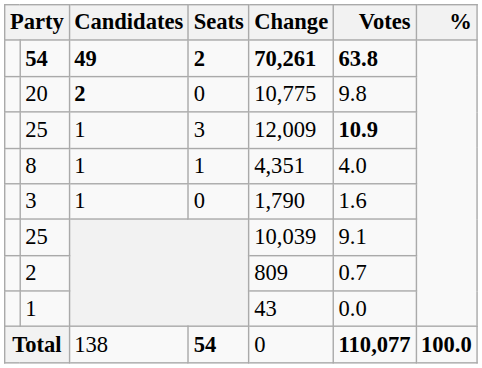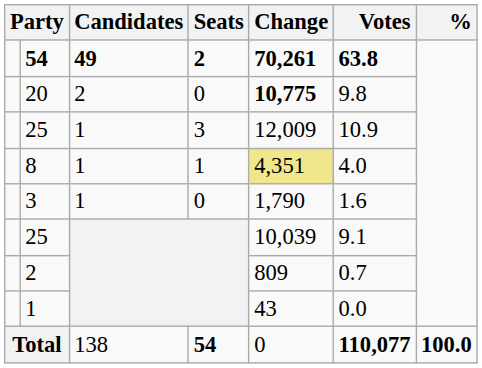 <table class="wikitable">
 <tr>
 <th colspan="2">Party</th>
 <th style="text-align:right;">Candidates</th>
 <th style="text-align:right;">Seats</th>
 <th style="text-align:right;">Change</th>
 <th style="text-align:right;">Votes</th>
 <th style="text-align:right;">%</th>
 </tr>
 <tr>
 <td></td>
 <td><strong>54</strong></td>
 <td><strong>49</strong></td>
 <td><strong>2</strong></td>
 <td><strong>70,261</strong></td>
 <td><strong>63.8</strong></td>
 </tr>
 <tr>
 <td></td>
 <td>20</td>
-<td><strong>2</strong></td>
+<td>2</td>
 <td>0</td>
-<td>10,775</td>
+<td><strong>10,775</strong></td>
 <td>9.8</td>
 </tr>
 <tr>
 <td></td>
 <td>25</td>
 <td>1</td>
 <td>3</td>
 <td>12,009</td>
-<td><strong>10.9</strong></td>
+<td>10.9</td>
 </tr>
 <tr>
 <td></td>
 <td>8</td>
 <td>1</td>
 <td>1</td>
-<td>4,351</td>
+<td style="background: khaki;">4,351</td>
 <td>4.0</td>
 </tr>
 <tr>
 <td></td>
 <td>3</td>
 <td>1</td>
 <td>0</td>
 <td>1,790</td>
 <td>1.6</td>
 </tr>
 <tr>
 <td></td>
 <td>25</td>
 <th rowspan = "3" colspan = "2"></th>
 <td>10,039</td>
 <td>9.1</td>
 </tr>
 <tr>
 <td></td>
 <td>2</td>
 <td>809</td>
 <td>0.7</td>
 </tr>
 <tr>
 <td></td>
 <td>1</td>
 <td>43</td>
 <td>0.0</td>
 </tr>
 <tr>
 <th colspan=2>Total</th>
 <td>138</td>
 <td><strong>54</strong></td>
 <td>0</td>
 <td><strong>110,077</strong></td>
 <td><strong>100.0</strong></td>
 </tr>
 </table>
